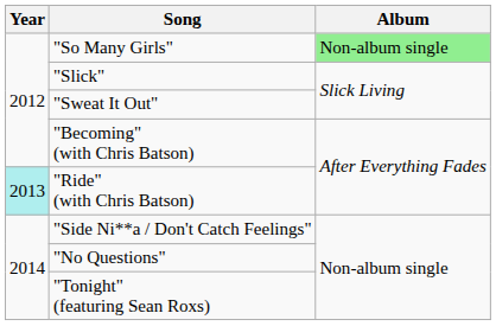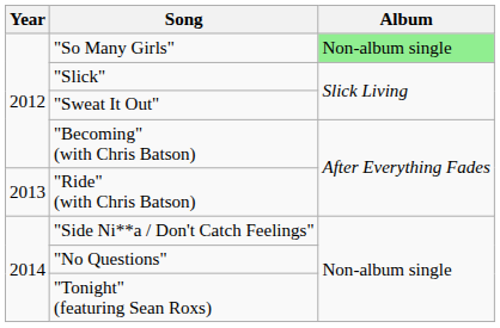 <table class="wikitable">
 <tr>
 <th>Year</th>
 <th>Song</th>
 <th>Album</th>
 </tr>
 <tr>
 <td align="center" rowspan=4>2012</td>
 <td>"So Many Girls"</td>
 <td style="background: lightgreen;">Non-album single</td>
 </tr>
 <tr>
 <td>"Slick"</td>
 <td rowspan=2><em>Slick Living</em></td>
 </tr>
 <tr>
 <td>"Sweat It Out"</td>
 </tr>
 <tr>
 <td>"Becoming"<br><span>(with Chris Batson)</span></td>
 <td rowspan=2><em>After Everything Fades</em></td>
 </tr>
 <tr>
-<td align="center" style="background: paleturquoise;">2013</td>
+<td align="center">2013</td>
 <td>"Ride"<br><span>(with Chris Batson)</span></td>
 </tr>
 <tr>
 <td align="center" rowspan=3>2014</td>
 <td>"Side Ni**a / Don't Catch Feelings"</td>
 <td rowspan=3>Non-album single</td>
 </tr>
 <tr>
 <td>"No Questions"</td>
 </tr>
 <tr>
 <td>"Tonight"<br><span>(featuring Sean Roxs)</span></td>
 </tr>
 </table>
